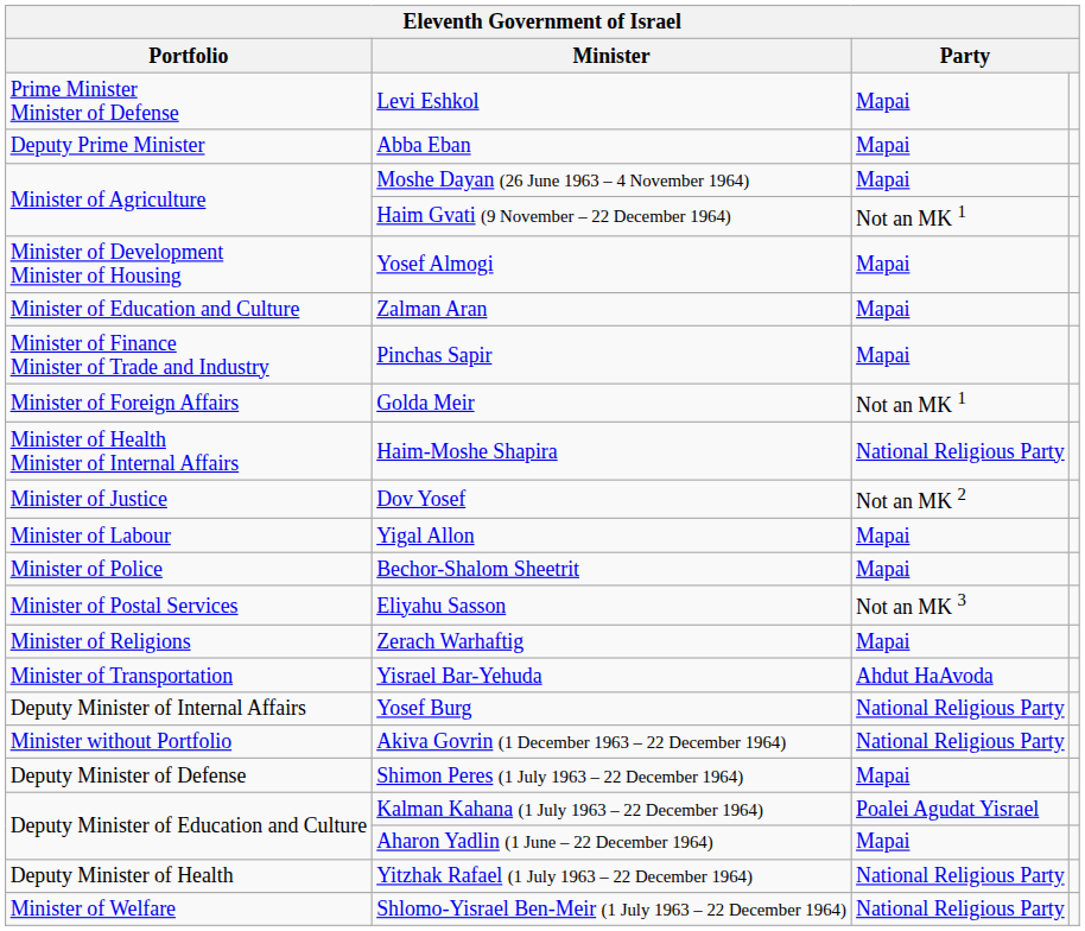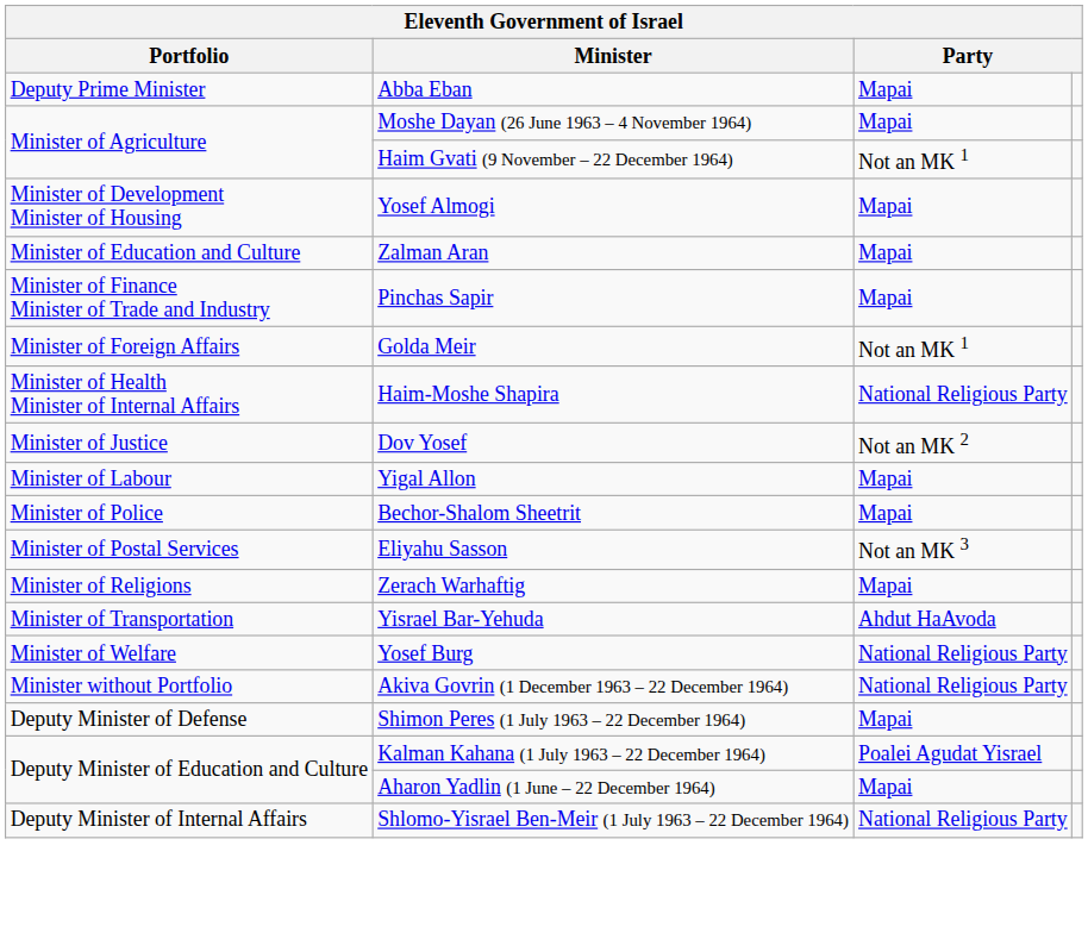 <table class="wikitable sortable" style="text-align:left">
 <tr>
 <th colspan="4">Eleventh Government of Israel</th>
 </tr>
 <tr>
 <th>Portfolio</th>
 <th>Minister</th>
 <th colspan="2">Party</th>
-</tr>
-<tr>
-<td><a href='#'>Prime Minister</a><br><a href='#'>Minister of Defense</a></td>
-<td><a href='#'>Levi Eshkol</a></td>
-<td><a href='#'>Mapai</a></td>
-<td style="background:"></td>
 </tr>
 <tr>
 <td><a href='#'>Deputy Prime Minister</a></td>
 <td><a href='#'>Abba Eban</a></td>
 <td><a href='#'>Mapai</a></td>
 <td style="background:"></td>
 </tr>
 <tr>
 <td rowspan=2><a href='#'>Minister of Agriculture</a></td>
 <td><a href='#'>Moshe Dayan</a> <small>(26 June 1963 – 4 November 1964)</small></td>
 <td><a href='#'>Mapai</a></td>
 <td style="background:"></td>
 </tr>
 <tr>
 <td><a href='#'>Haim Gvati</a> <small>(9 November – 22 December 1964)</small></td>
 <td>Not an MK <sup>1</sup></td>
 <td style="background:"></td>
 </tr>
 <tr>
 <td><a href='#'>Minister of Development</a><br><a href='#'>Minister of Housing</a></td>
 <td><a href='#'>Yosef Almogi</a></td>
 <td><a href='#'>Mapai</a></td>
 <td style="background:"></td>
 </tr>
 <tr>
 <td><a href='#'>Minister of Education and Culture</a></td>
 <td><a href='#'>Zalman Aran</a></td>
 <td><a href='#'>Mapai</a></td>
 <td style="background:"></td>
 </tr>
 <tr>
 <td><a href='#'>Minister of Finance</a><br><a href='#'>Minister of Trade and Industry</a></td>
 <td><a href='#'>Pinchas Sapir</a></td>
 <td><a href='#'>Mapai</a></td>
 <td style="background:"></td>
 </tr>
 <tr>
 <td><a href='#'>Minister of Foreign Affairs</a></td>
 <td><a href='#'>Golda Meir</a></td>
 <td>Not an MK <sup>1</sup></td>
 <td style="background:"></td>
 </tr>
 <tr>
 <td><a href='#'>Minister of Health</a><br><a href='#'>Minister of Internal Affairs</a></td>
 <td><a href='#'>Haim-Moshe Shapira</a></td>
 <td><a href='#'>National Religious Party</a></td>
 <td style="background:"></td>
 </tr>
 <tr>
 <td><a href='#'>Minister of Justice</a></td>
 <td><a href='#'>Dov Yosef</a></td>
 <td>Not an MK <sup>2</sup></td>
 <td style="background:"></td>
 </tr>
 <tr>
 <td><a href='#'>Minister of Labour</a></td>
 <td><a href='#'>Yigal Allon</a></td>
 <td><a href='#'>Mapai</a></td>
 <td style="background:"></td>
 </tr>
 <tr>
 <td><a href='#'>Minister of Police</a></td>
 <td><a href='#'>Bechor-Shalom Sheetrit</a></td>
 <td><a href='#'>Mapai</a></td>
 <td style="background:"></td>
 </tr>
 <tr>
 <td><a href='#'>Minister of Postal Services</a></td>
 <td><a href='#'>Eliyahu Sasson</a></td>
 <td>Not an MK <sup>3</sup></td>
 <td style="background:"></td>
 </tr>
 <tr>
 <td><a href='#'>Minister of Religions</a></td>
 <td><a href='#'>Zerach Warhaftig</a></td>
 <td><a href='#'>Mapai</a></td>
 <td style="background:"></td>
 </tr>
 <tr>
 <td><a href='#'>Minister of Transportation</a></td>
 <td><a href='#'>Yisrael Bar-Yehuda</a></td>
 <td><a href='#'>Ahdut HaAvoda</a></td>
 <td style="background:"></td>
 </tr>
 <tr>
-<td>Deputy Minister of Internal Affairs</td>
+<td><a href='#'>Minister of Welfare</a></td>
 <td><a href='#'>Yosef Burg</a></td>
 <td><a href='#'>National Religious Party</a></td>
 <td style="background:"></td>
 </tr>
 <tr>
 <td><a href='#'>Minister without Portfolio</a></td>
 <td><a href='#'>Akiva Govrin</a> <small>(1 December 1963 – 22 December 1964)</small></td>
 <td><a href='#'>National Religious Party</a></td>
 <td style="background:"></td>
 </tr>
 <tr>
 <td>Deputy Minister of Defense</td>
 <td><a href='#'>Shimon Peres</a> <small>(1 July 1963 – 22 December 1964)</small></td>
 <td><a href='#'>Mapai</a></td>
 <td style="background:"></td>
 </tr>
 <tr>
 <td rowspan=2>Deputy Minister of Education and Culture</td>
 <td><a href='#'>Kalman Kahana</a> <small>(1 July 1963 – 22 December 1964)</small></td>
 <td><a href='#'>Poalei Agudat Yisrael</a></td>
 <td style="background:"></td>
 </tr>
 <tr>
 <td><a href='#'>Aharon Yadlin</a> <small>(1 June – 22 December 1964)</small></td>
 <td><a href='#'>Mapai</a></td>
 <td style="background:"></td>
 </tr>
 <tr>
-<td>Deputy Minister of Health</td>
-<td><a href='#'>Yitzhak Rafael</a> <small>(1 July 1963 – 22 December 1964)</small></td>
-<td><a href='#'>National Religious Party</a></td>
-<td style="background:"></td>
-</tr>
-<tr>
-<td><a href='#'>Minister of Welfare</a></td>
+<td>Deputy Minister of Internal Affairs</td>
 <td><a href='#'>Shlomo-Yisrael Ben-Meir</a> <small>(1 July 1963 – 22 December 1964)</small></td>
 <td><a href='#'>National Religious Party</a></td>
 <td style="background:"></td>
 </tr>
 </table>
